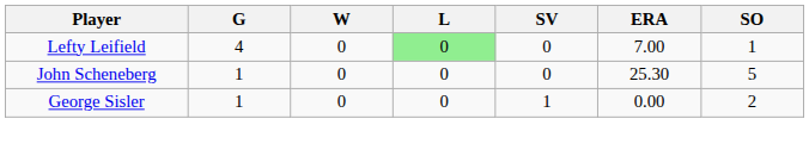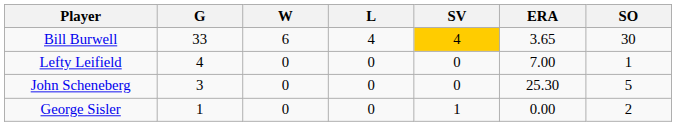 <table class="wikitable sortable">
 <tr>
 <th bgcolor="#DDDDFF" width="16%">Player</th>
 <th bgcolor="#DDDDFF" width="9%">G</th>
 <th bgcolor="#DDDDFF" width="9%">W</th>
 <th bgcolor="#DDDDFF" width="9%">L</th>
 <th bgcolor="#DDDDFF" width="9%">SV</th>
 <th bgcolor="#DDDDFF" width="9%">ERA</th>
 <th bgcolor="#DDDDFF" width="9%">SO</th>
 </tr>
 <tr align="center">
+<td><a href='#'>Bill Burwell</a></td>
+<td>33</td>
+<td>6</td>
+<td>4</td>
+<td style="background:#fc0;">4</td>
+<td>3.65</td>
+<td>30</td>
+</tr>
+<tr align="center">
 <td><a href='#'>Lefty Leifield</a></td>
 <td>4</td>
 <td>0</td>
-<td style="background: lightgreen;">0</td>
+<td>0</td>
 <td>0</td>
 <td>7.00</td>
 <td>1</td>
 </tr>
 <tr align="center">
 <td><a href='#'>John Scheneberg</a></td>
-<td>1</td>
+<td>3</td>
 <td>0</td>
 <td>0</td>
 <td>0</td>
 <td>25.30</td>
 <td>5</td>
 </tr>
 <tr align="center">
 <td><a href='#'>George Sisler</a></td>
 <td>1</td>
 <td>0</td>
 <td>0</td>
 <td>1</td>
 <td>0.00</td>
 <td>2</td>
 </tr>
 </table>
